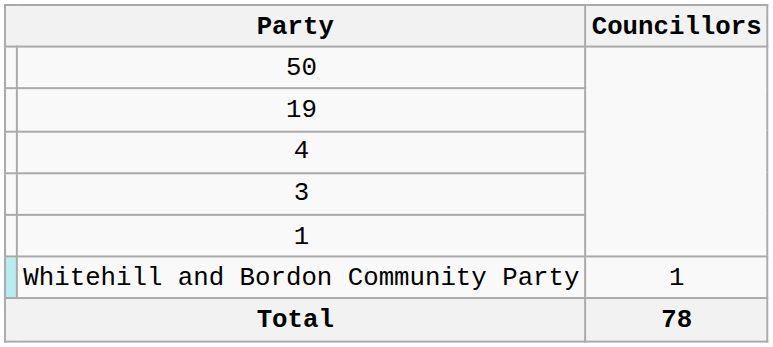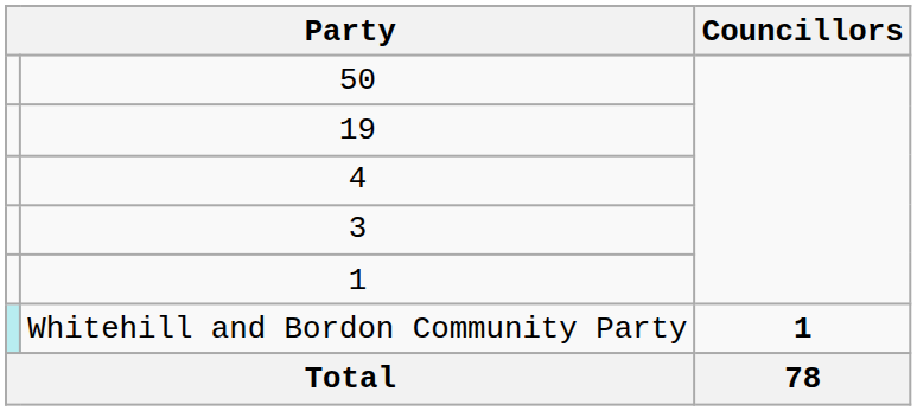 <table class="wikitable">
 <tr>
 <th colspan=2>Party</th>
 <th>Councillors</th>
 </tr>
 <tr>
 <td></td>
 <td align=center>50</td>
 </tr>
 <tr>
 <td></td>
 <td align=center>19</td>
 </tr>
 <tr>
 <td></td>
 <td align=center>4</td>
 </tr>
 <tr>
 <td></td>
 <td align=center>3</td>
 </tr>
 <tr>
 <td></td>
 <td align=center>1</td>
 </tr>
 <tr>
 <td style="background:#B8EDF0"></td>
 <td>Whitehill and Bordon Community Party</td>
-<td align=center>1</td>
+<td align=center><strong>1</strong></td>
 </tr>
 <tr>
 <th colspan=2>Total</th>
 <th align=center>78</th>
 </tr>
 </table>
